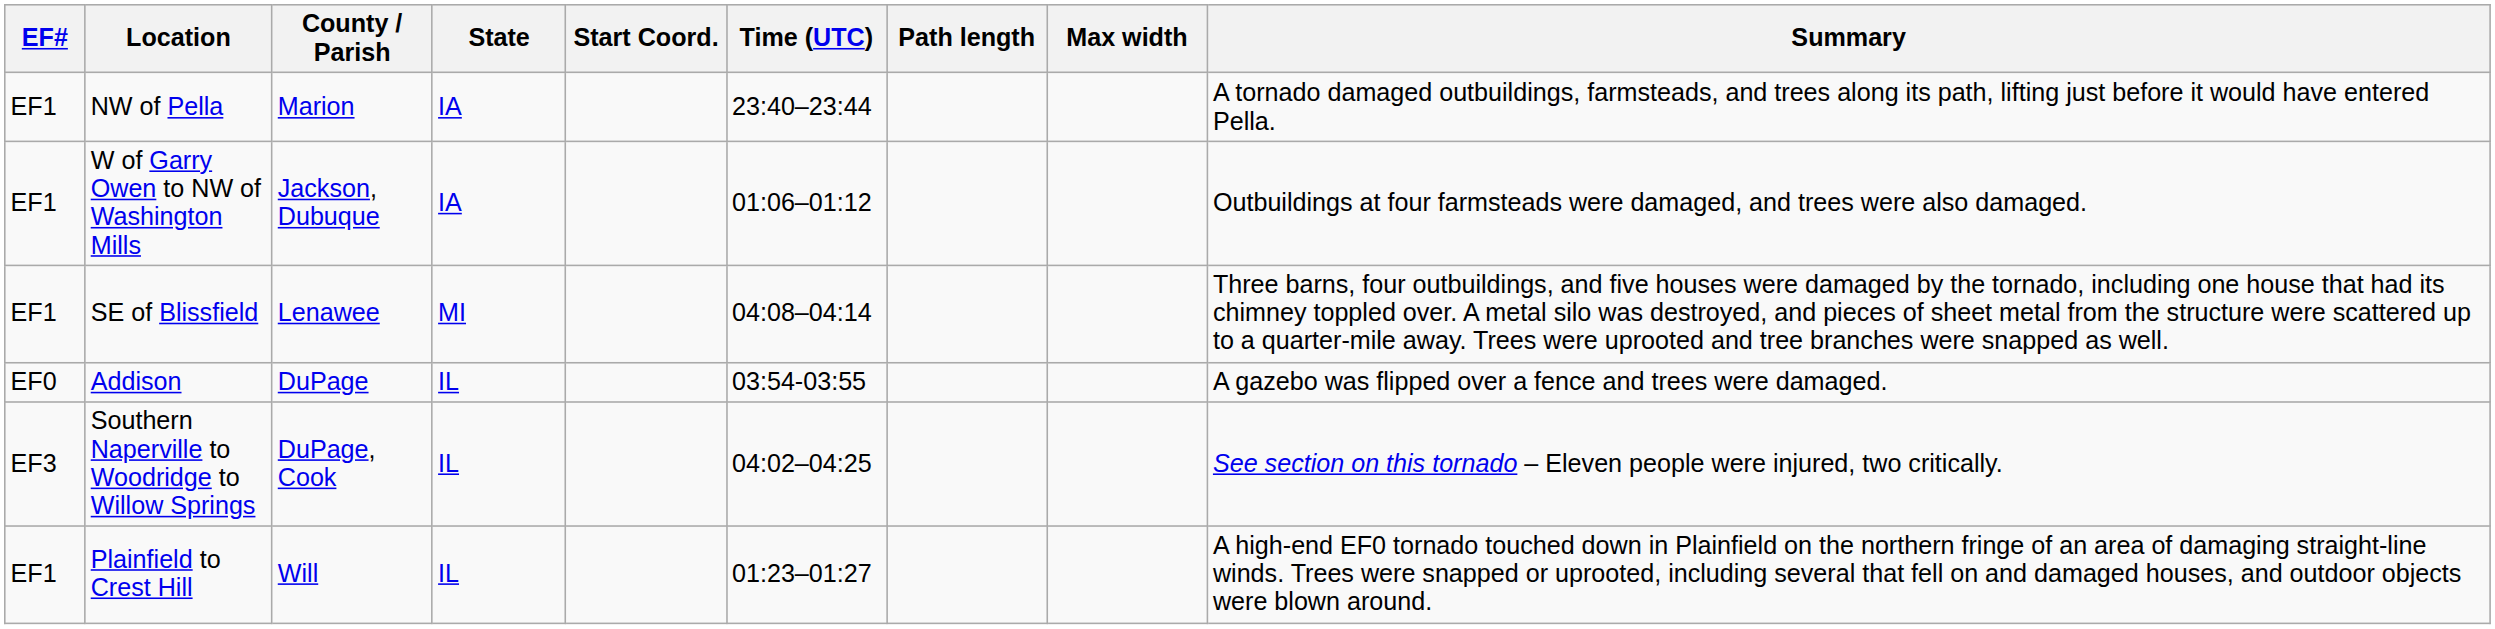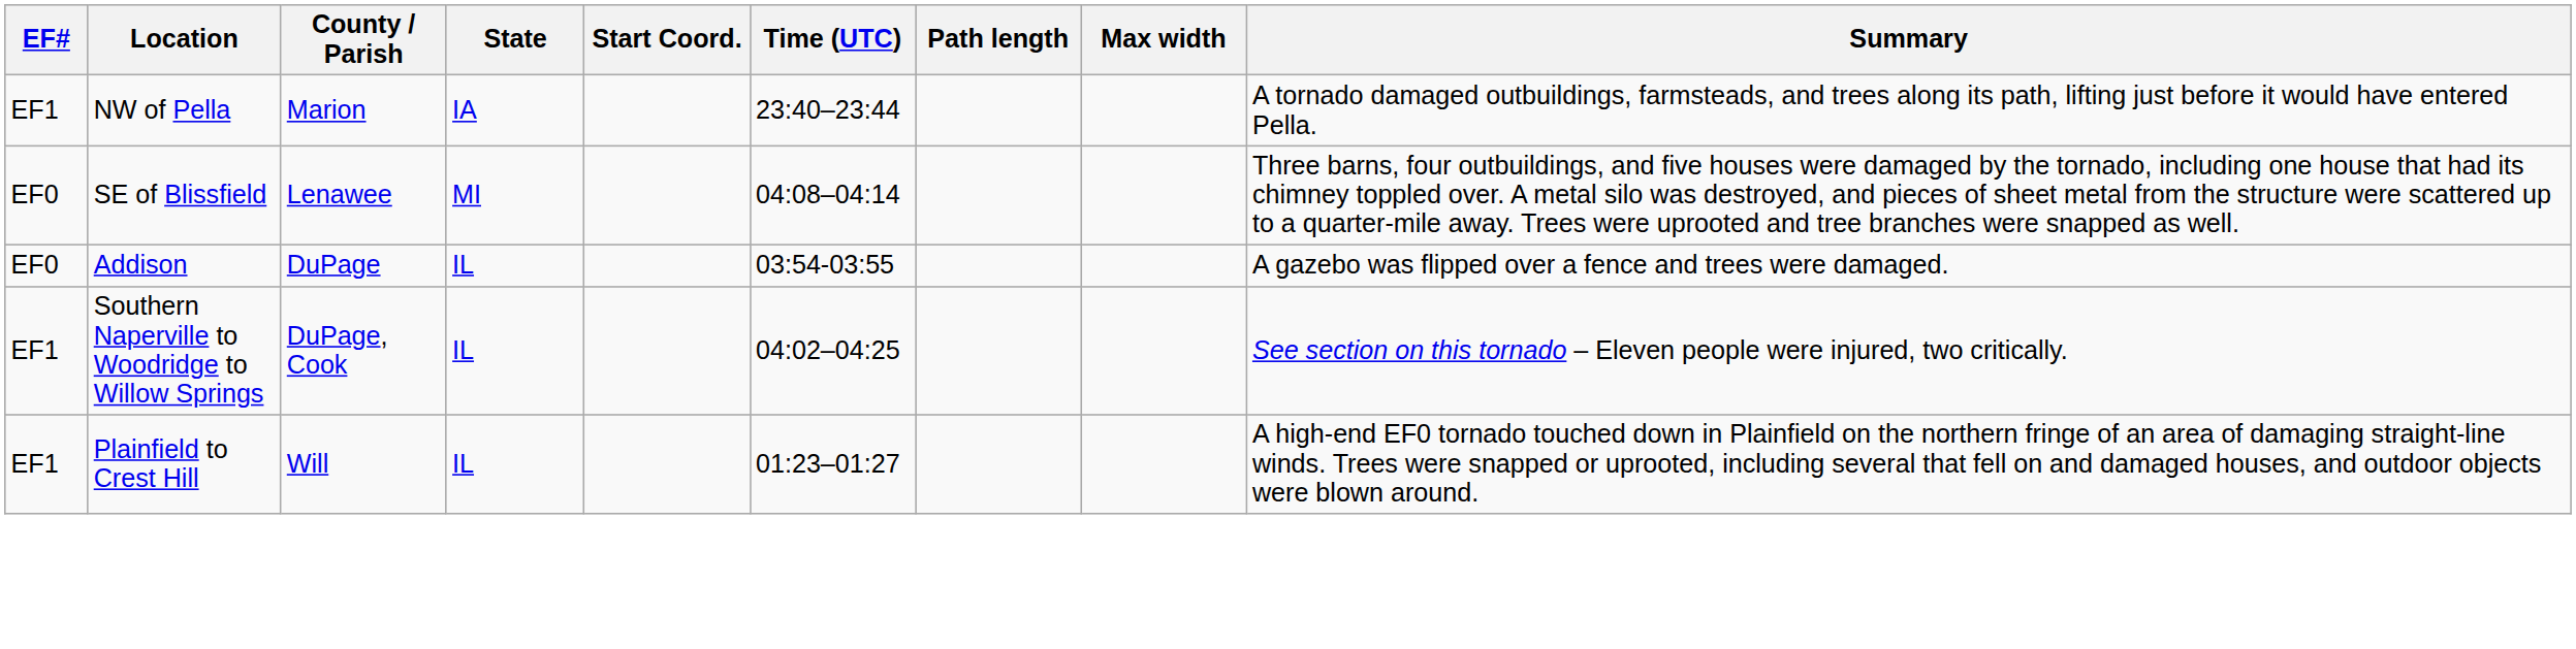 <table class="wikitable sortable" style="width:100%;">
 <tr>
 <th scope="col"  style="width:3%; text-align:center;"><a href='#'>EF#</a></th>
 <th scope="col"  style="width:7%; text-align:center;" class="unsortable">Location</th>
 <th scope="col"  style="width:6%; text-align:center;" class="unsortable">County / Parish</th>
 <th scope="col"  style="width:5%; text-align:center;">State</th>
 <th scope="col"  style="width:6%; text-align:center;">Start Coord.</th>
 <th scope="col"  style="width:6%; text-align:center;">Time (<a href='#'>UTC</a>)</th>
 <th scope="col"  style="width:6%; text-align:center;">Path length</th>
 <th scope="col"  style="width:6%; text-align:center;">Max width</th>
 <th scope="col" class="unsortable" style="width:48%; text-align:center;">Summary</th>
 </tr>
 <tr>
 <td>EF1</td>
 <td>NW of <a href='#'>Pella</a></td>
 <td><a href='#'>Marion</a></td>
 <td><a href='#'>IA</a></td>
 <td></td>
 <td>23:40–23:44</td>
 <td></td>
 <td></td>
 <td>A tornado damaged outbuildings, farmsteads, and trees along its path, lifting just before it would have entered Pella.</td>
 </tr>
 <tr>
-<td>EF1</td>
-<td>W of <a href='#'>Garry Owen</a> to NW of <a href='#'>Washington Mills</a></td>
-<td><a href='#'>Jackson</a>, <a href='#'>Dubuque</a></td>
-<td><a href='#'>IA</a></td>
-<td></td>
-<td>01:06–01:12</td>
-<td></td>
-<td></td>
-<td>Outbuildings at four farmsteads were damaged, and trees were also damaged.</td>
-</tr>
-<tr>
-<td>EF1</td>
+<td>EF0</td>
 <td>SE of <a href='#'>Blissfield</a></td>
 <td><a href='#'>Lenawee</a></td>
 <td><a href='#'>MI</a></td>
 <td></td>
 <td>04:08–04:14</td>
 <td></td>
 <td></td>
 <td>Three barns, four outbuildings, and five houses were damaged by the tornado, including one house that had its chimney toppled over. A metal silo was destroyed, and pieces of sheet metal from the structure were scattered up to a quarter-mile away. Trees were uprooted and tree branches were snapped as well.</td>
 </tr>
 <tr>
 <td>EF0</td>
 <td><a href='#'>Addison</a></td>
 <td><a href='#'>DuPage</a></td>
 <td><a href='#'>IL</a></td>
 <td></td>
 <td>03:54-03:55</td>
 <td></td>
 <td></td>
 <td>A gazebo was flipped over a fence and trees were damaged.</td>
 </tr>
 <tr>
-<td>EF3</td>
+<td>EF1</td>
 <td>Southern <a href='#'>Naperville</a> to <a href='#'>Woodridge</a> to <a href='#'>Willow Springs</a></td>
 <td><a href='#'>DuPage</a>, <a href='#'>Cook</a></td>
 <td><a href='#'>IL</a></td>
 <td></td>
 <td>04:02–04:25</td>
 <td></td>
 <td></td>
 <td><em><a href='#'>See section on this tornado</a></em> – Eleven people were injured, two critically.</td>
 </tr>
 <tr>
 <td>EF1</td>
 <td><a href='#'>Plainfield</a> to <a href='#'>Crest Hill</a></td>
 <td><a href='#'>Will</a></td>
 <td><a href='#'>IL</a></td>
 <td></td>
 <td>01:23–01:27</td>
 <td></td>
 <td></td>
 <td>A high-end EF0 tornado touched down in Plainfield on the northern fringe of an area of damaging straight-line winds. Trees were snapped or uprooted, including several that fell on and damaged houses, and outdoor objects were blown around.</td>
 </tr>
 </table>
